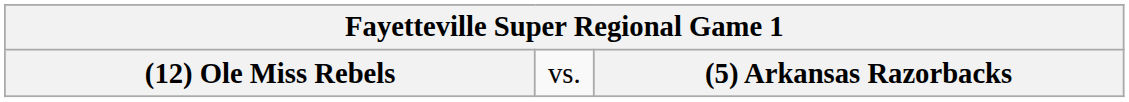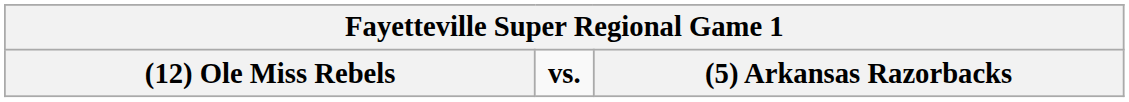 <table class="wikitable">
 <tr>
 <th style="width: 604px;" colspan=3>Fayetteville Super Regional Game 1</th>
 </tr>
 <tr>
 <th style="width: 289px; ">(12) Ole Miss Rebels</th>
-<td style="width: 25px; text-align:center">vs.</td>
+<td style="width: 25px; text-align:center"><strong>vs.</strong></td>
 <th style="width: 289px; ">(5) Arkansas Razorbacks</th>
 </tr>
 </table>
